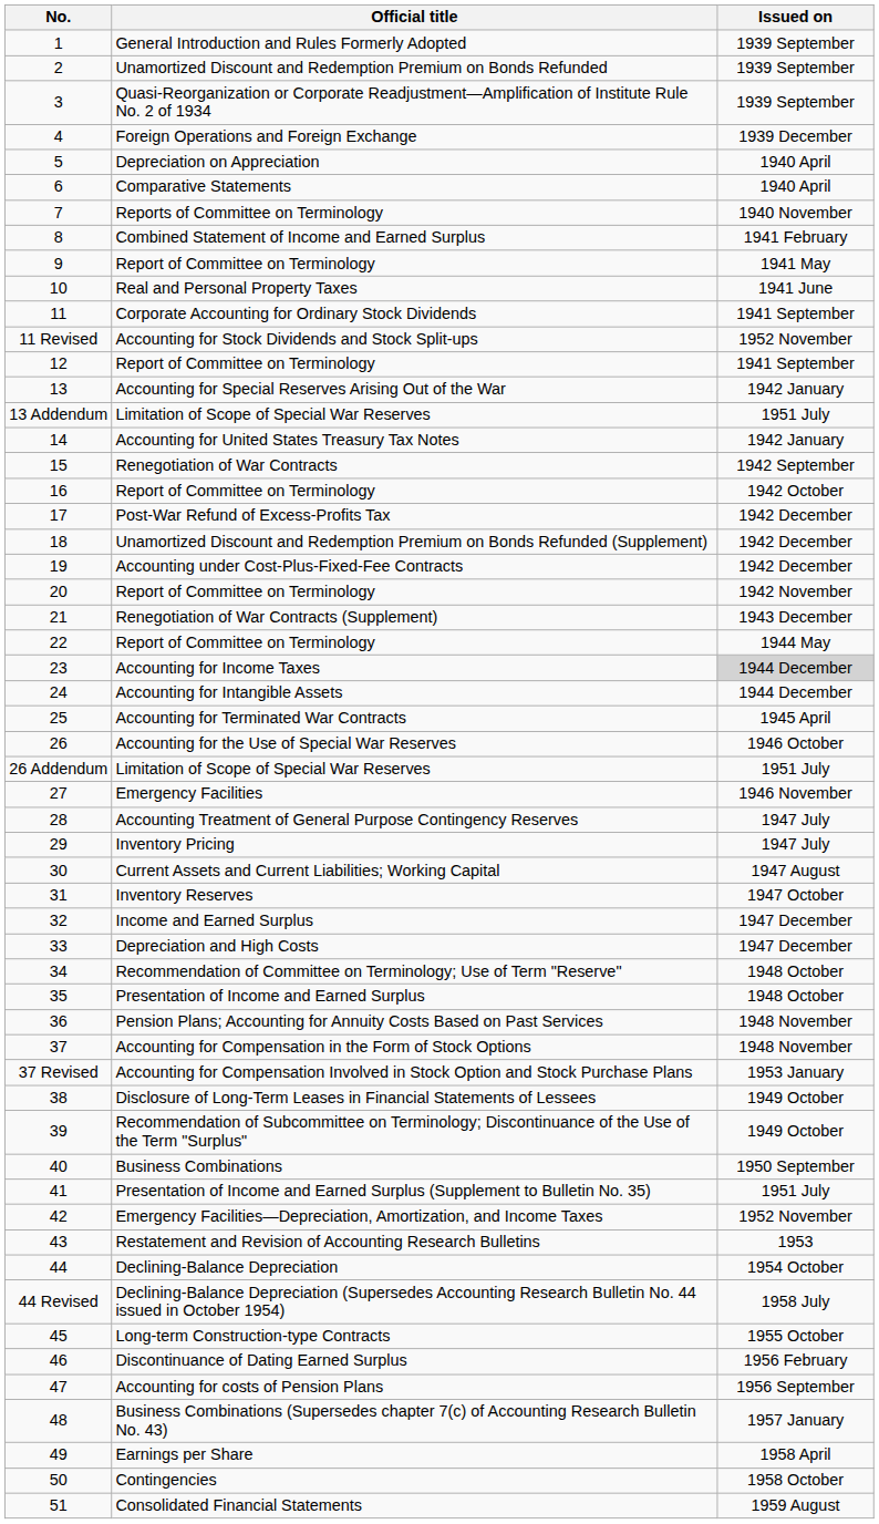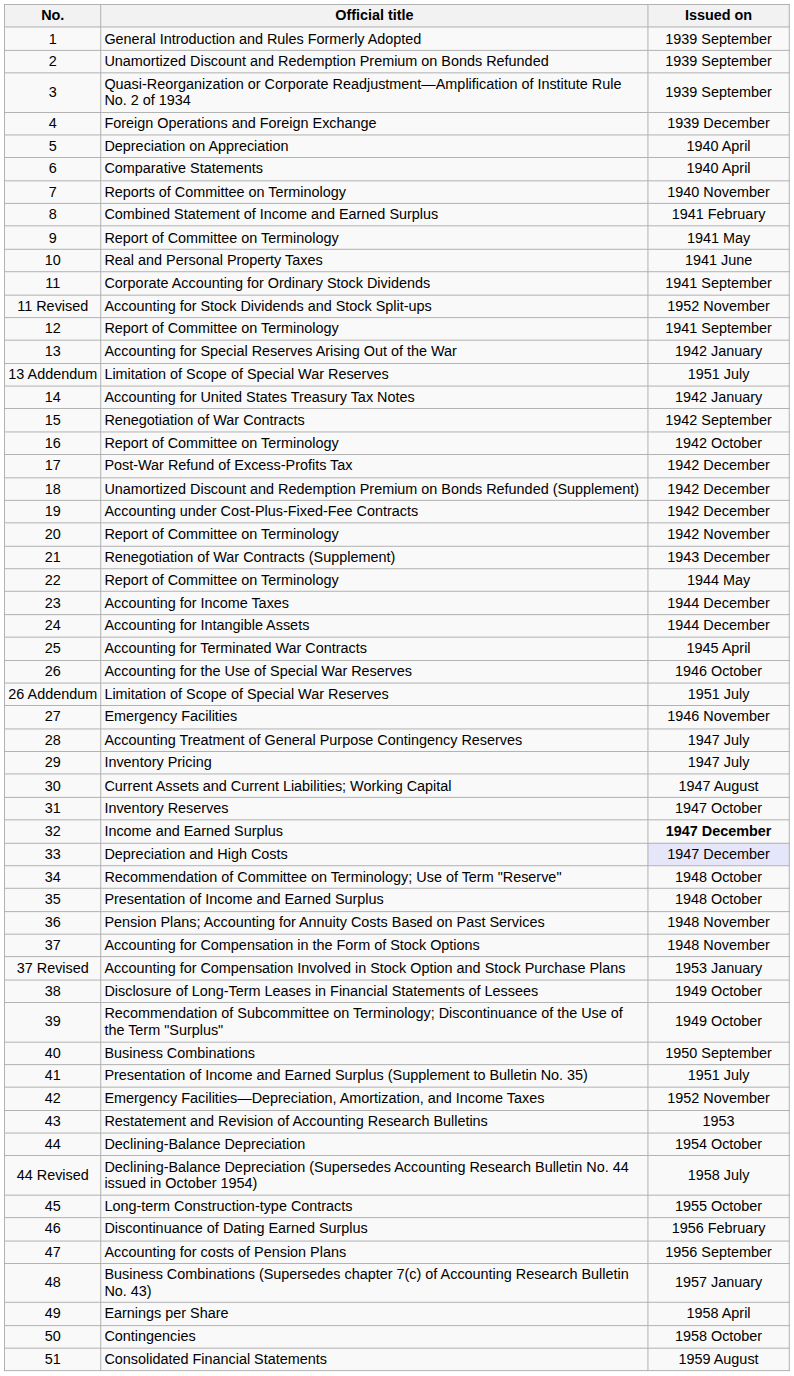 <table class="wikitable sortable">
 <tr>
 <th width="100">No.</th>
 <th width="600">Official title</th>
 <th width="150">Issued on</th>
 </tr>
 <tr>
 <td align="center">1</td>
 <td>General Introduction and Rules Formerly Adopted </td>
 <td align="center">1939 September</td>
 </tr>
 <tr>
 <td align="center">2</td>
 <td>Unamortized Discount and Redemption Premium on Bonds Refunded </td>
 <td align="center">1939 September</td>
 </tr>
 <tr>
 <td align="center">3</td>
 <td>Quasi-Reorganization or Corporate Readjustment—Amplification of Institute Rule No. 2 of 1934 </td>
 <td align="center">1939 September</td>
 </tr>
 <tr>
 <td align="center">4</td>
 <td>Foreign Operations and Foreign Exchange </td>
 <td align="center">1939 December</td>
 </tr>
 <tr>
 <td align="center">5</td>
 <td>Depreciation on Appreciation </td>
 <td align="center">1940 April</td>
 </tr>
 <tr>
 <td align="center">6</td>
 <td>Comparative Statements </td>
 <td align="center">1940 April</td>
 </tr>
 <tr>
 <td align="center">7</td>
 <td>Reports of Committee on Terminology </td>
 <td align="center">1940 November</td>
 </tr>
 <tr>
 <td align="center">8</td>
 <td>Combined Statement of Income and Earned Surplus </td>
 <td align="center">1941 February</td>
 </tr>
 <tr>
 <td align="center">9</td>
 <td>Report of Committee on Terminology </td>
 <td align="center">1941 May</td>
 </tr>
 <tr>
 <td align="center">10</td>
 <td>Real and Personal Property Taxes </td>
 <td align="center">1941 June</td>
 </tr>
 <tr>
 <td align="center">11</td>
 <td>Corporate Accounting for Ordinary Stock Dividends </td>
 <td align="center">1941 September</td>
 </tr>
 <tr>
 <td align="center">11 Revised</td>
 <td>Accounting for Stock Dividends and Stock Split-ups </td>
 <td align="center">1952 November</td>
 </tr>
 <tr>
 <td align="center">12</td>
 <td>Report of Committee on Terminology </td>
 <td align="center">1941 September</td>
 </tr>
 <tr>
 <td align="center">13</td>
 <td>Accounting for Special Reserves Arising Out of the War </td>
 <td align="center">1942 January</td>
 </tr>
 <tr>
 <td align="center">13 Addendum</td>
 <td>Limitation of Scope of Special War Reserves </td>
 <td align="center">1951 July</td>
 </tr>
 <tr>
 <td align="center">14</td>
 <td>Accounting for United States Treasury Tax Notes </td>
 <td align="center">1942 January</td>
 </tr>
 <tr>
 <td align="center">15</td>
 <td>Renegotiation of War Contracts </td>
 <td align="center">1942 September</td>
 </tr>
 <tr>
 <td align="center">16</td>
 <td>Report of Committee on Terminology </td>
 <td align="center">1942 October</td>
 </tr>
 <tr>
 <td align="center">17</td>
 <td>Post-War Refund of Excess-Profits Tax </td>
 <td align="center">1942 December</td>
 </tr>
 <tr>
 <td align="center">18</td>
 <td>Unamortized Discount and Redemption Premium on Bonds Refunded (Supplement) </td>
 <td align="center">1942 December</td>
 </tr>
 <tr>
 <td align="center">19</td>
 <td>Accounting under Cost-Plus-Fixed-Fee Contracts </td>
 <td align="center">1942 December</td>
 </tr>
 <tr>
 <td align="center">20</td>
 <td>Report of Committee on Terminology </td>
 <td align="center">1942 November</td>
 </tr>
 <tr>
 <td align="center">21</td>
 <td>Renegotiation of War Contracts (Supplement) </td>
 <td align="center">1943 December</td>
 </tr>
 <tr>
 <td align="center">22</td>
 <td>Report of Committee on Terminology </td>
 <td align="center">1944 May</td>
 </tr>
 <tr>
 <td align="center">23</td>
 <td>Accounting for Income Taxes </td>
-<td align="center" style="background: lightgrey;">1944 December</td>
+<td align="center">1944 December</td>
 </tr>
 <tr>
 <td align="center">24</td>
 <td>Accounting for Intangible Assets </td>
 <td align="center">1944 December</td>
 </tr>
 <tr>
 <td align="center">25</td>
 <td>Accounting for Terminated War Contracts </td>
 <td align="center">1945 April</td>
 </tr>
 <tr>
 <td align="center">26</td>
 <td>Accounting for the Use of Special War Reserves </td>
 <td align="center">1946 October</td>
 </tr>
 <tr>
 <td align="center">26 Addendum</td>
 <td>Limitation of Scope of Special War Reserves </td>
 <td align="center">1951 July</td>
 </tr>
 <tr>
 <td align="center">27</td>
 <td>Emergency Facilities </td>
 <td align="center">1946 November</td>
 </tr>
 <tr>
 <td align="center">28</td>
 <td>Accounting Treatment of General Purpose Contingency Reserves </td>
 <td align="center">1947 July</td>
 </tr>
 <tr>
 <td align="center">29</td>
 <td>Inventory Pricing </td>
 <td align="center">1947 July</td>
 </tr>
 <tr>
 <td align="center">30</td>
 <td>Current Assets and Current Liabilities; Working Capital </td>
 <td align="center">1947 August</td>
 </tr>
 <tr>
 <td align="center">31</td>
 <td>Inventory Reserves </td>
 <td align="center">1947 October</td>
 </tr>
 <tr>
 <td align="center">32</td>
 <td>Income and Earned Surplus </td>
-<td align="center">1947 December</td>
+<td align="center"><strong>1947 December</strong></td>
 </tr>
 <tr>
 <td align="center">33</td>
 <td>Depreciation and High Costs </td>
-<td align="center">1947 December</td>
+<td align="center" style="background: lavender;">1947 December</td>
 </tr>
 <tr>
 <td align="center">34</td>
 <td>Recommendation of Committee on Terminology; Use of Term "Reserve" </td>
 <td align="center">1948 October</td>
 </tr>
 <tr>
 <td align="center">35</td>
 <td>Presentation of Income and Earned Surplus </td>
 <td align="center">1948 October</td>
 </tr>
 <tr>
 <td align="center">36</td>
 <td>Pension Plans; Accounting for Annuity Costs Based on Past Services </td>
 <td align="center">1948 November</td>
 </tr>
 <tr>
 <td align="center">37</td>
 <td>Accounting for Compensation in the Form of Stock Options </td>
 <td align="center">1948 November</td>
 </tr>
 <tr>
 <td align="center">37 Revised</td>
 <td>Accounting for Compensation Involved in Stock Option and Stock Purchase Plans </td>
 <td align="center">1953 January</td>
 </tr>
 <tr>
 <td align="center">38</td>
 <td>Disclosure of Long-Term Leases in Financial Statements of Lessees </td>
 <td align="center">1949 October</td>
 </tr>
 <tr>
 <td align="center">39</td>
 <td>Recommendation of Subcommittee on Terminology; Discontinuance of the Use of the Term "Surplus" </td>
 <td align="center">1949 October</td>
 </tr>
 <tr>
 <td align="center">40</td>
 <td>Business Combinations </td>
 <td align="center">1950 September</td>
 </tr>
 <tr>
 <td align="center">41</td>
 <td>Presentation of Income and Earned Surplus (Supplement to Bulletin No. 35) </td>
 <td align="center">1951 July</td>
 </tr>
 <tr>
 <td align="center">42</td>
 <td>Emergency Facilities—Depreciation, Amortization, and Income Taxes </td>
 <td align="center">1952 November</td>
 </tr>
 <tr>
 <td align="center">43</td>
 <td>Restatement and Revision of Accounting Research Bulletins </td>
 <td align="center">1953</td>
 </tr>
 <tr>
 <td align="center">44</td>
 <td>Declining-Balance Depreciation  </td>
 <td align="center">1954 October</td>
 </tr>
 <tr>
 <td align="center">44 Revised</td>
 <td>Declining-Balance Depreciation (Supersedes Accounting Research Bulletin No. 44 issued in October 1954) </td>
 <td align="center">1958 July</td>
 </tr>
 <tr>
 <td align="center">45</td>
 <td>Long-term Construction-type Contracts </td>
 <td align="center">1955 October</td>
 </tr>
 <tr>
 <td align="center">46</td>
 <td>Discontinuance of Dating Earned Surplus </td>
 <td align="center">1956 February</td>
 </tr>
 <tr>
 <td align="center">47</td>
 <td>Accounting for costs of Pension Plans </td>
 <td align="center">1956 September</td>
 </tr>
 <tr>
 <td align="center">48</td>
 <td>Business Combinations (Supersedes chapter 7(c) of Accounting Research Bulletin No. 43) </td>
 <td align="center">1957 January</td>
 </tr>
 <tr>
 <td align="center">49</td>
 <td>Earnings per Share </td>
 <td align="center">1958 April</td>
 </tr>
 <tr>
 <td align="center">50</td>
 <td>Contingencies </td>
 <td align="center">1958 October</td>
 </tr>
 <tr>
 <td align="center">51</td>
 <td>Consolidated Financial Statements </td>
 <td align="center">1959 August</td>
 </tr>
 </table>
